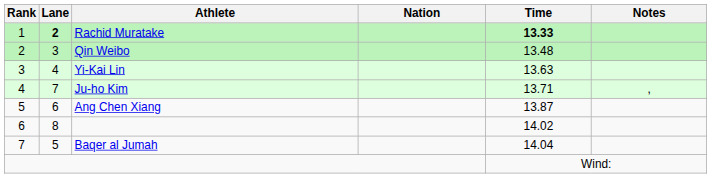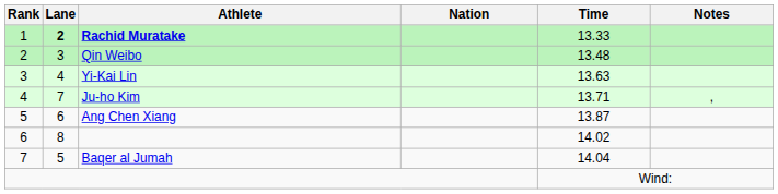 <table class="wikitable sortable" style="text-align:center;width: 60%;">
 <tr>
 <th scope="col" style="width: 10px;">Rank</th>
 <th scope="col" style="width: 10px;">Lane</th>
 <th scope="col">Athlete</th>
 <th scope="col">Nation</th>
 <th scope="col">Time</th>
 <th scope="col">Notes</th>
 </tr>
 <tr bgcolor=bbf3bb>
 <td>1</td>
 <td><strong>2</strong></td>
-<td align="left"><a href='#'>Rachid Muratake</a></td>
+<td align="left"><strong><a href='#'>Rachid Muratake</a></strong></td>
 <td align="left"></td>
-<td><strong>13.33</strong></td>
+<td>13.33</td>
 <td></td>
 </tr>
 <tr bgcolor=bbf3bb>
 <td>2</td>
 <td>3</td>
 <td align="left"><a href='#'>Qin Weibo</a></td>
 <td align="left"></td>
 <td>13.48</td>
 <td></td>
 </tr>
 <tr bgcolor=ddffdd>
 <td>3</td>
 <td>4</td>
 <td align="left"><a href='#'>Yi-Kai Lin</a></td>
 <td align="left"></td>
 <td>13.63</td>
 <td></td>
 </tr>
 <tr bgcolor=ddffdd>
 <td>4</td>
 <td>7</td>
 <td align="left"><a href='#'>Ju-ho Kim</a></td>
 <td align="left"></td>
 <td>13.71</td>
 <td>, </td>
 </tr>
 <tr>
 <td>5</td>
 <td>6</td>
 <td align="left"><a href='#'>Ang Chen Xiang</a></td>
 <td align="left"></td>
 <td>13.87</td>
 <td></td>
 </tr>
 <tr>
 <td>6</td>
 <td>8</td>
 <td align="left"></td>
 <td align="left"></td>
 <td>14.02</td>
 <td></td>
 </tr>
 <tr>
 <td>7</td>
 <td>5</td>
 <td align="left"><a href='#'>Baqer al Jumah</a></td>
 <td align="left"></td>
 <td>14.04</td>
 <td></td>
 </tr>
 <tr class="sortbottom">
 <td colspan="4"></td>
 <td colspan="2">Wind: </td>
 </tr>
 </table>
